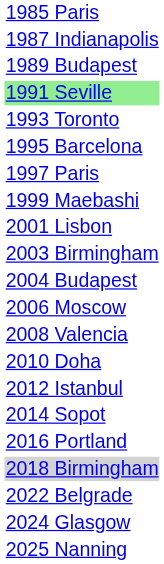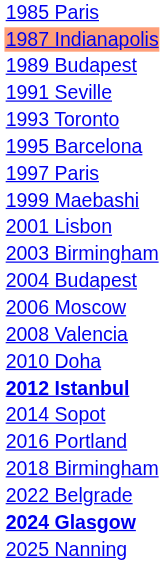 <table>
 <tr>
 <td><a href='#'>1985 Paris</a></td>
 <td></td>
 <td></td>
 <td></td>
 </tr>
 <tr>
-<td><a href='#'>1987 Indianapolis</a><br></td>
+<td style="background: lightsalmon;"><a href='#'>1987 Indianapolis</a><br></td>
 <td></td>
 <td></td>
 <td></td>
 </tr>
 <tr>
 <td><a href='#'>1989 Budapest</a><br></td>
 <td></td>
 <td></td>
 <td></td>
 </tr>
 <tr>
-<td style="background: lightgreen;"><a href='#'>1991 Seville</a><br></td>
+<td><a href='#'>1991 Seville</a><br></td>
 <td></td>
 <td></td>
 <td></td>
 </tr>
 <tr>
 <td><a href='#'>1993 Toronto</a><br></td>
 <td></td>
 <td></td>
 <td></td>
 </tr>
 <tr>
 <td><a href='#'>1995 Barcelona</a><br></td>
 <td></td>
 <td></td>
 <td></td>
 </tr>
 <tr>
 <td><a href='#'>1997 Paris</a><br></td>
 <td></td>
 <td></td>
 <td></td>
 </tr>
 <tr>
 <td><a href='#'>1999 Maebashi</a><br></td>
 <td></td>
 <td></td>
 <td></td>
 </tr>
 <tr>
 <td><a href='#'>2001 Lisbon</a><br></td>
 <td></td>
 <td></td>
 <td></td>
 </tr>
 <tr>
 <td><a href='#'>2003 Birmingham</a><br></td>
 <td></td>
 <td></td>
 <td></td>
 </tr>
 <tr>
 <td><a href='#'>2004 Budapest</a><br></td>
 <td></td>
 <td></td>
 <td></td>
 </tr>
 <tr>
 <td><a href='#'>2006 Moscow</a><br></td>
 <td></td>
 <td></td>
 <td></td>
 </tr>
 <tr>
 <td><a href='#'>2008 Valencia</a><br></td>
 <td></td>
 <td></td>
 <td></td>
 </tr>
 <tr>
 <td><a href='#'>2010 Doha</a><br></td>
 <td></td>
 <td></td>
 <td></td>
 </tr>
 <tr>
-<td><a href='#'>2012 Istanbul</a><br></td>
+<td><strong><a href='#'>2012 Istanbul</a><br></strong></td>
 <td></td>
 <td></td>
 <td></td>
 </tr>
 <tr>
 <td><a href='#'>2014 Sopot</a><br></td>
 <td></td>
 <td></td>
 <td></td>
 </tr>
 <tr>
 <td><a href='#'>2016 Portland</a><br></td>
 <td></td>
 <td></td>
 <td></td>
 </tr>
 <tr>
-<td style="background: lightgrey;"><a href='#'>2018 Birmingham</a><br></td>
+<td><a href='#'>2018 Birmingham</a><br></td>
 <td></td>
 <td></td>
 <td></td>
 </tr>
 <tr>
 <td><a href='#'>2022 Belgrade</a><br></td>
 <td></td>
 <td></td>
 <td></td>
 </tr>
 <tr>
-<td><a href='#'>2024 Glasgow</a><br></td>
+<td><strong><a href='#'>2024 Glasgow</a><br></strong></td>
 <td></td>
 <td></td>
 <td></td>
 </tr>
 <tr>
 <td><a href='#'>2025 Nanning</a><br></td>
 <td></td>
 <td></td>
 <td></td>
 </tr>
 </table>
